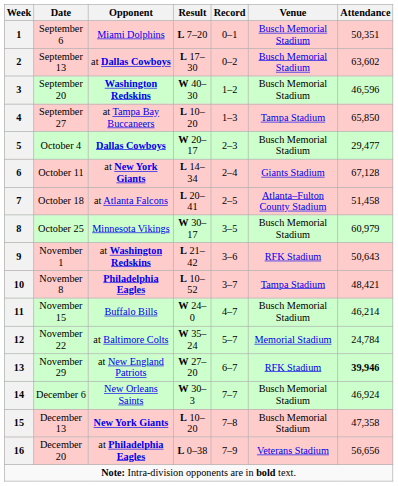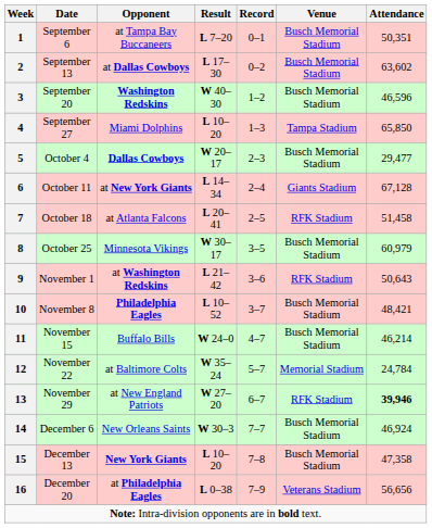 <table class="wikitable" style="text-align:center">
 <tr>
 <th>Week</th>
 <th>Date</th>
 <th>Opponent</th>
 <th>Result</th>
 <th>Record</th>
 <th>Venue</th>
 <th>Attendance</th>
 </tr>
 <tr style="background:#fcc">
 <th>1</th>
 <td>September 6</td>
-<td><a href='#'>Miami Dolphins</a></td>
+<td>at <a href='#'>Tampa Bay Buccaneers</a></td>
 <td><strong>L</strong> 7–20</td>
 <td>0–1</td>
 <td><a href='#'>Busch Memorial Stadium</a></td>
 <td>50,351</td>
 </tr>
 <tr style="background:#fcc">
 <th>2</th>
 <td>September 13</td>
 <td>at <strong><a href='#'>Dallas Cowboys</a></strong></td>
 <td><strong>L</strong> 17–30</td>
 <td>0–2</td>
 <td><a href='#'>Busch Memorial Stadium</a></td>
 <td>63,602</td>
 </tr>
 <tr style="background:#cfc">
 <th>3</th>
 <td>September 20</td>
 <td><strong><a href='#'>Washington Redskins</a></strong></td>
 <td><strong>W</strong> 40–30</td>
 <td>1–2</td>
 <td>Busch Memorial Stadium</td>
 <td>46,596</td>
 </tr>
 <tr style="background:#fcc">
 <th>4</th>
 <td>September 27</td>
-<td>at <a href='#'>Tampa Bay Buccaneers</a></td>
+<td><a href='#'>Miami Dolphins</a></td>
 <td><strong>L</strong> 10–20</td>
 <td>1–3</td>
 <td><a href='#'>Tampa Stadium</a></td>
 <td>65,850</td>
 </tr>
 <tr style="background:#cfc">
 <th>5</th>
 <td>October 4</td>
 <td><strong><a href='#'>Dallas Cowboys</a></strong></td>
 <td><strong>W</strong> 20–17</td>
 <td>2–3</td>
 <td>Busch Memorial Stadium</td>
 <td>29,477</td>
 </tr>
 <tr style="background:#fcc">
 <th>6</th>
 <td>October 11</td>
 <td>at <strong><a href='#'>New York Giants</a></strong></td>
 <td><strong>L</strong> 14–34</td>
 <td>2–4</td>
 <td><a href='#'>Giants Stadium</a></td>
 <td>67,128</td>
 </tr>
 <tr style="background:#fcc">
 <th>7</th>
 <td>October 18</td>
 <td>at <a href='#'>Atlanta Falcons</a></td>
 <td><strong>L</strong> 20–41</td>
 <td>2–5</td>
-<td><a href='#'>Atlanta–Fulton County Stadium</a></td>
+<td><a href='#'>RFK Stadium</a></td>
 <td>51,458</td>
 </tr>
 <tr style="background:#cfc">
 <th>8</th>
 <td>October 25</td>
 <td><a href='#'>Minnesota Vikings</a></td>
 <td><strong>W</strong> 30–17</td>
 <td>3–5</td>
 <td>Busch Memorial Stadium</td>
 <td>60,979</td>
 </tr>
 <tr style="background:#fcc">
 <th>9</th>
 <td>November 1</td>
 <td>at <strong><a href='#'>Washington Redskins</a></strong></td>
 <td><strong>L</strong> 21–42</td>
 <td>3–6</td>
 <td><a href='#'>RFK Stadium</a></td>
 <td>50,643</td>
 </tr>
 <tr style="background:#fcc">
 <th>10</th>
 <td>November 8</td>
 <td><strong><a href='#'>Philadelphia Eagles</a></strong></td>
 <td><strong>L</strong> 10–52</td>
 <td>3–7</td>
-<td><a href='#'>Tampa Stadium</a></td>
+<td>Busch Memorial Stadium</td>
 <td>48,421</td>
 </tr>
 <tr style="background:#cfc">
 <th>11</th>
 <td>November 15</td>
 <td><a href='#'>Buffalo Bills</a></td>
 <td><strong>W</strong> 24–0</td>
 <td>4–7</td>
 <td>Busch Memorial Stadium</td>
 <td>46,214</td>
 </tr>
 <tr style="background:#cfc">
 <th>12</th>
 <td>November 22</td>
 <td>at <a href='#'>Baltimore Colts</a></td>
 <td><strong>W</strong> 35–24</td>
 <td>5–7</td>
 <td><a href='#'>Memorial Stadium</a></td>
 <td>24,784</td>
 </tr>
 <tr style="background:#cfc">
 <th>13</th>
 <td>November 29</td>
 <td>at <a href='#'>New England Patriots</a></td>
 <td><strong>W</strong> 27–20</td>
 <td>6–7</td>
 <td><a href='#'>RFK Stadium</a></td>
 <td><strong>39,946</strong></td>
 </tr>
 <tr style="background:#cfc">
 <th>14</th>
 <td>December 6</td>
 <td><a href='#'>New Orleans Saints</a></td>
 <td><strong>W</strong> 30–3</td>
 <td>7–7</td>
 <td>Busch Memorial Stadium</td>
 <td>46,924</td>
 </tr>
 <tr style="background:#fcc">
 <th>15</th>
 <td>December 13</td>
 <td><strong><a href='#'>New York Giants</a></strong></td>
 <td><strong>L</strong> 10–20</td>
 <td>7–8</td>
 <td>Busch Memorial Stadium</td>
 <td>47,358</td>
 </tr>
 <tr style="background:#fcc">
 <th>16</th>
 <td>December 20</td>
 <td>at <strong><a href='#'>Philadelphia Eagles</a></strong></td>
 <td><strong>L</strong> 0–38</td>
 <td>7–9</td>
 <td><a href='#'>Veterans Stadium</a></td>
 <td>56,656</td>
 </tr>
 <tr>
 <td colspan="8"><strong>Note:</strong> Intra-division opponents are in <strong>bold</strong> text.</td>
 </tr>
 </table>
